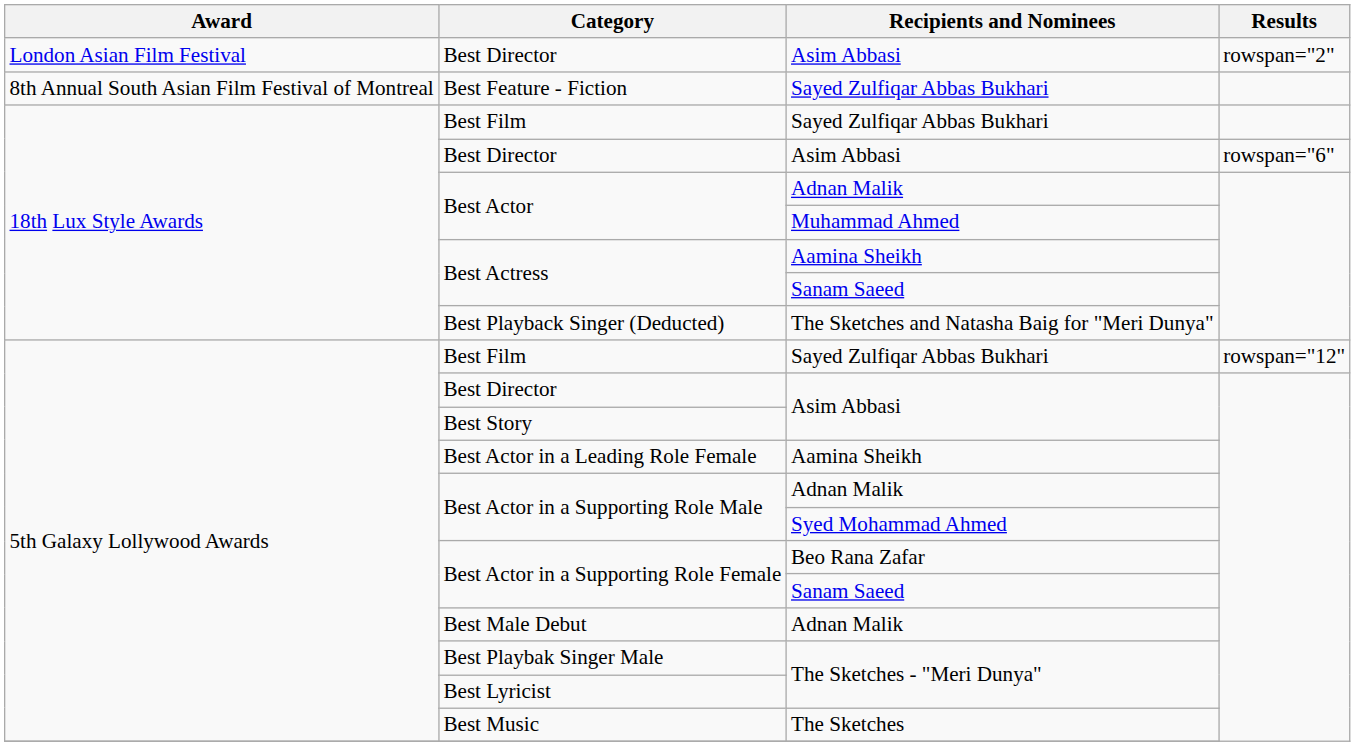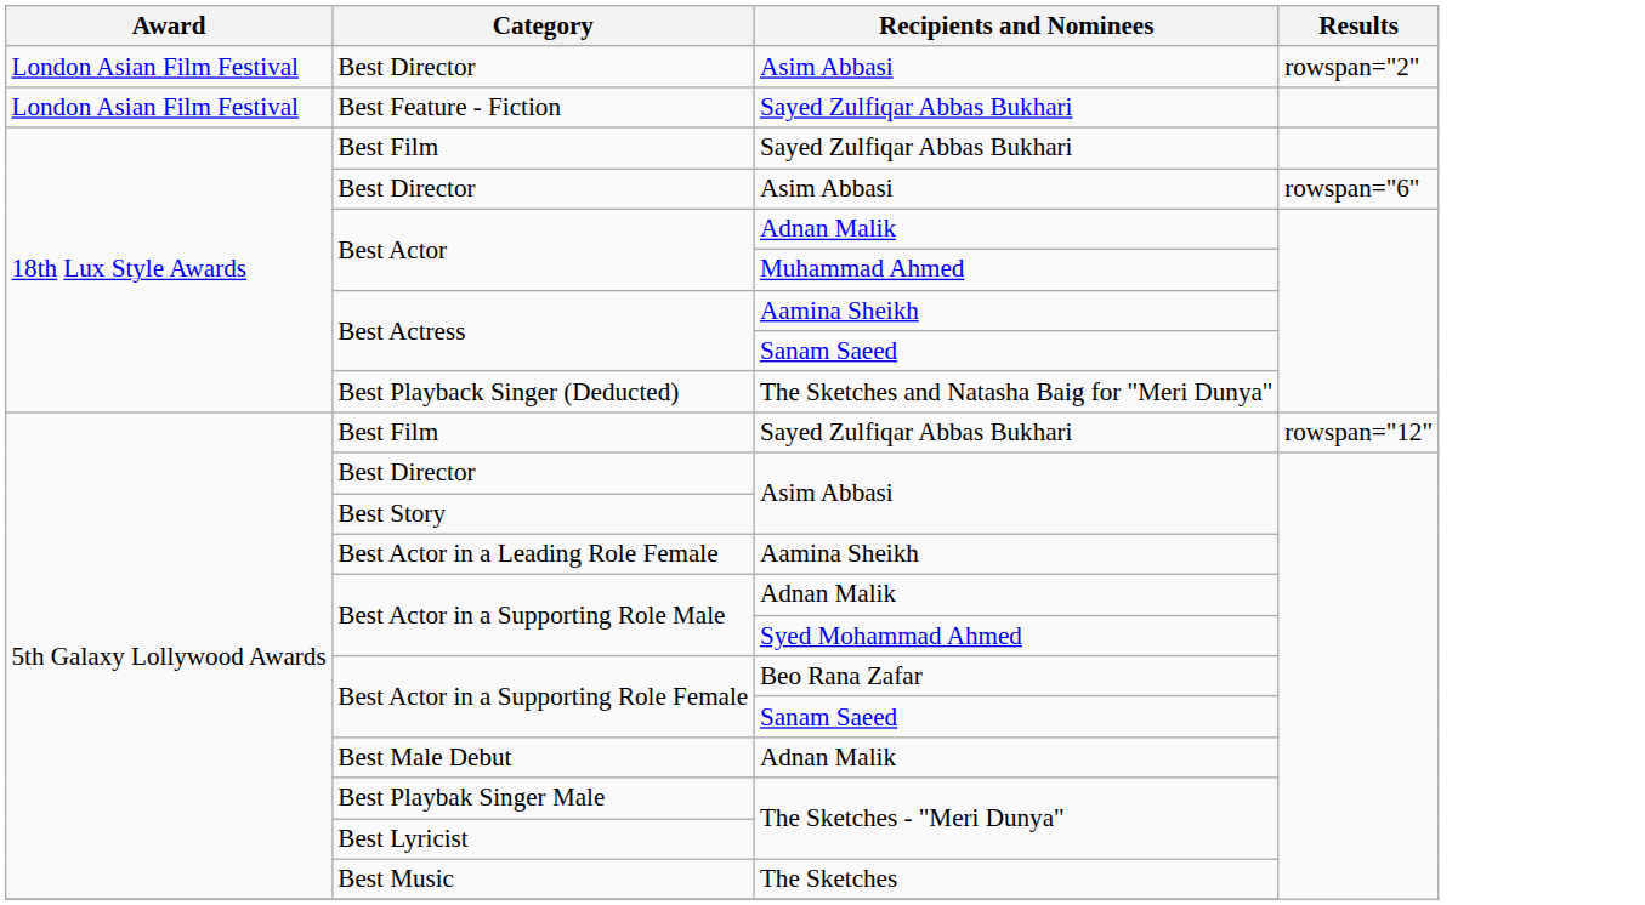 <table class="wikitable plainrowheaders sortable">
 <tr>
 <th>Award</th>
 <th>Category</th>
 <th>Recipients and Nominees</th>
 <th>Results</th>
 </tr>
 <tr>
 <td><a href='#'>London Asian Film Festival</a></td>
 <td>Best Director</td>
 <td><a href='#'>Asim Abbasi</a></td>
 <td>rowspan="2" </td>
 </tr>
 <tr>
-<td>8th Annual South Asian Film Festival of Montreal</td>
+<td><a href='#'>London Asian Film Festival</a></td>
 <td>Best Feature - Fiction</td>
 <td><a href='#'>Sayed Zulfiqar Abbas Bukhari</a></td>
 </tr>
 <tr>
 <td rowspan="7"><a href='#'>18th</a> <a href='#'>Lux Style Awards</a></td>
 <td>Best Film</td>
 <td>Sayed Zulfiqar Abbas Bukhari</td>
 <td></td>
 </tr>
 <tr>
 <td>Best Director</td>
 <td>Asim Abbasi</td>
 <td>rowspan="6" </td>
 </tr>
 <tr>
 <td rowspan="2">Best Actor</td>
 <td><a href='#'>Adnan Malik</a></td>
 </tr>
 <tr>
 <td><a href='#'>Muhammad Ahmed</a></td>
 </tr>
 <tr>
 <td rowspan="2">Best Actress</td>
 <td><a href='#'>Aamina Sheikh</a></td>
 </tr>
 <tr>
 <td><a href='#'>Sanam Saeed</a></td>
 </tr>
 <tr>
 <td>Best Playback Singer (Deducted)</td>
 <td>The Sketches and Natasha Baig for "Meri Dunya"</td>
 </tr>
 <tr>
 <td rowspan="12">5th Galaxy Lollywood Awards<br></td>
 <td>Best Film</td>
 <td>Sayed Zulfiqar Abbas Bukhari</td>
 <td>rowspan="12" </td>
 </tr>
 <tr>
 <td>Best Director</td>
 <td rowspan="2">Asim Abbasi</td>
 </tr>
 <tr>
 <td>Best Story</td>
 </tr>
 <tr>
 <td>Best Actor in a Leading Role Female</td>
 <td>Aamina Sheikh</td>
 </tr>
 <tr>
 <td rowspan="2">Best Actor in a Supporting Role Male</td>
 <td>Adnan Malik</td>
 </tr>
 <tr>
 <td><a href='#'>Syed Mohammad Ahmed</a></td>
 </tr>
 <tr>
 <td rowspan="2">Best Actor in a Supporting Role Female</td>
 <td>Beo Rana Zafar</td>
 </tr>
 <tr>
 <td><a href='#'>Sanam Saeed</a></td>
 </tr>
 <tr>
 <td>Best Male Debut</td>
 <td>Adnan Malik</td>
 </tr>
 <tr>
 <td>Best Playbak Singer Male</td>
 <td rowspan="2">The Sketches - "Meri Dunya"</td>
 </tr>
 <tr>
 <td>Best Lyricist</td>
 </tr>
 <tr>
 <td>Best Music</td>
 <td>The Sketches</td>
 </tr>
 <tr>
 </tr>
 </table>
